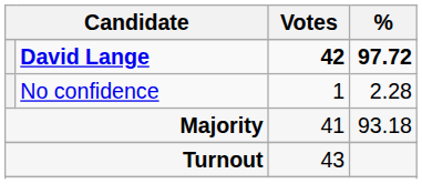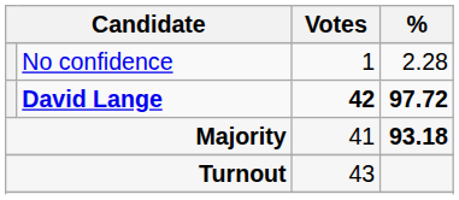 <table class="wikitable" style="font-size: 95%;">
 <tr style="background-color:#E9E9E9">
 <th colspan="2" style="width: 170px">Candidate</th>
 <th style="width: 50px">Votes</th>
 <th style="width: 40px">%</th>
 </tr>
 <tr>
 </tr>
 <tr>
+<th></th>
+<td style="width: 170px"><a href='#'>No confidence</a></td>
+<td align="right">1</td>
+<td align="right">2.28</td>
+</tr>
+<tr>
 <th style="background-color: "></th>
 <td style="width: 170px"><strong><a href='#'>David Lange</a></strong></td>
 <td align="right"><strong>42</strong></td>
 <td align="right"><strong>97.72</strong></td>
 </tr>
-<tr>
-<th></th>
-<td style="width: 170px"><a href='#'>No confidence</a></td>
-<td align="right">1</td>
-<td align="right">2.28</td>
-</tr>
 <tr style="background-color:#F6F6F6">
 <td colspan="2" align="right"><strong>Majority</strong></td>
 <td align="right">41</td>
-<td align="right">93.18</td>
+<td align="right"><strong>93.18</strong></td>
 </tr>
 <tr>
 </tr>
 <tr style="background-color:#F6F6F6">
 <td colspan="2" align="right"><strong>Turnout</strong></td>
 <td align="right">43</td>
 <td></td>
 </tr>
 <tr>
 </tr>
 <tr style="background-color:#F6F6F6">
 </tr>
 </table>
